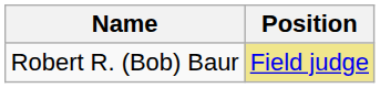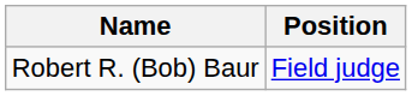 <table class="wikitable">
 <tr>
 <th>Name</th>
 <th colspan=2>Position</th>
 </tr>
 <tr>
 <td>Robert R. (Bob) Baur</td>
-<td style="background: khaki;"><a href='#'>Field judge</a></td>
+<td><a href='#'>Field judge</a></td>
 </tr>
 </table>
